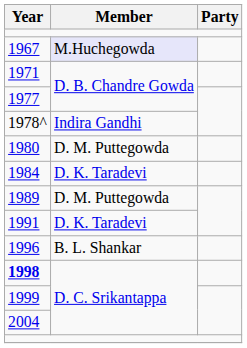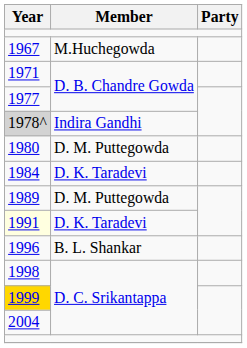 <table class="wikitable">
 <tr>
 <th>Year</th>
 <th>Member</th>
 <th colspan="2">Party</th>
 </tr>
 <tr>
 <td colspan="4"></td>
 </tr>
 <tr>
 <td><a href='#'>1967</a></td>
-<td style="background: lavender;">M.Huchegowda</td>
+<td>M.Huchegowda</td>
 <td></td>
 </tr>
 <tr>
 <td><a href='#'>1971</a></td>
 <td rowspan=2><a href='#'>D. B. Chandre Gowda</a></td>
 <td></td>
 </tr>
 <tr>
 <td><a href='#'>1977</a></td>
 </tr>
 <tr>
-<td>1978^</td>
+<td style="background: lightgrey;">1978^</td>
 <td><a href='#'>Indira Gandhi</a></td>
 </tr>
 <tr>
 <td><a href='#'>1980</a></td>
 <td>D. M. Puttegowda</td>
 <td></td>
 </tr>
 <tr>
 <td><a href='#'>1984</a></td>
 <td><a href='#'>D. K. Taradevi</a></td>
 <td></td>
 </tr>
 <tr>
 <td><a href='#'>1989</a></td>
 <td>D. M. Puttegowda</td>
 </tr>
 <tr>
-<td><a href='#'>1991</a></td>
+<td style="background: lightyellow;"><a href='#'>1991</a></td>
 <td><a href='#'>D. K. Taradevi</a></td>
 </tr>
 <tr>
 <td><a href='#'>1996</a></td>
 <td>B. L. Shankar</td>
 <td></td>
 </tr>
 <tr>
-<td><strong><a href='#'>1998</a></strong></td>
+<td><a href='#'>1998</a></td>
 <td rowspan=3><a href='#'>D. C. Srikantappa</a></td>
 <td></td>
 </tr>
 <tr>
-<td><a href='#'>1999</a></td>
+<td style="background: gold;"><a href='#'>1999</a></td>
 </tr>
 <tr>
 <td><a href='#'>2004</a></td>
 </tr>
 <tr>
 <td colspan="4"></td>
 </tr>
 <tr>
 </tr>
 </table>
